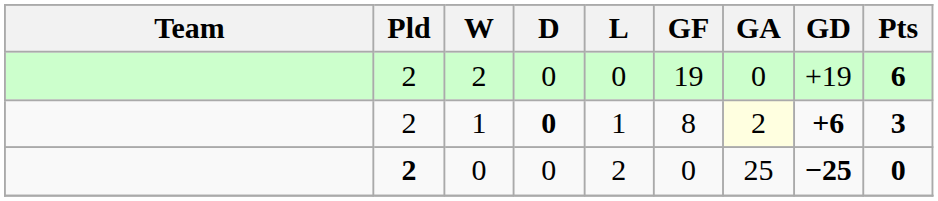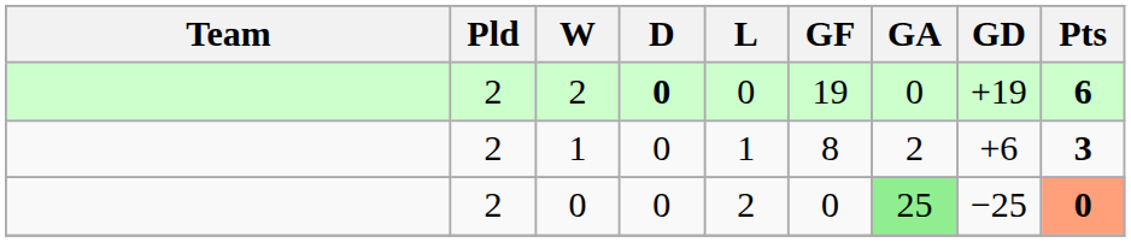 <table class="wikitable" style="text-align: center;">
 <tr>
 <th width="190">Team</th>
 <th width="30">Pld</th>
 <th width="30">W</th>
 <th width="30">D</th>
 <th width="30">L</th>
 <th width="30">GF</th>
 <th width="30">GA</th>
 <th width="30">GD</th>
 <th width="30">Pts</th>
 </tr>
 <tr bgcolor=#ccffcc>
 <td align=left></td>
 <td>2</td>
 <td>2</td>
-<td>0</td>
+<td><strong>0</strong></td>
 <td>0</td>
 <td>19</td>
 <td>0</td>
 <td>+19</td>
 <td><strong>6</strong></td>
 </tr>
 <tr>
 <td align=left></td>
 <td>2</td>
 <td>1</td>
-<td><strong>0</strong></td>
+<td>0</td>
 <td>1</td>
 <td>8</td>
-<td style="background: lightyellow;">2</td>
-<td><strong>+6</strong></td>
+<td>2</td>
+<td>+6</td>
 <td><strong>3</strong></td>
 </tr>
 <tr>
 <td align=left></td>
-<td><strong>2</strong></td>
+<td>2</td>
 <td>0</td>
 <td>0</td>
 <td>2</td>
 <td>0</td>
-<td>25</td>
-<td><strong>−25</strong></td>
-<td><strong>0</strong></td>
+<td style="background: lightgreen;">25</td>
+<td>−25</td>
+<td style="background: lightsalmon;"><strong>0</strong></td>
 </tr>
 <tr>
 </tr>
 </table>
